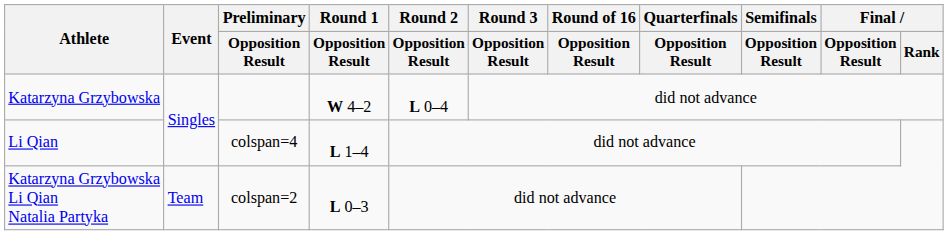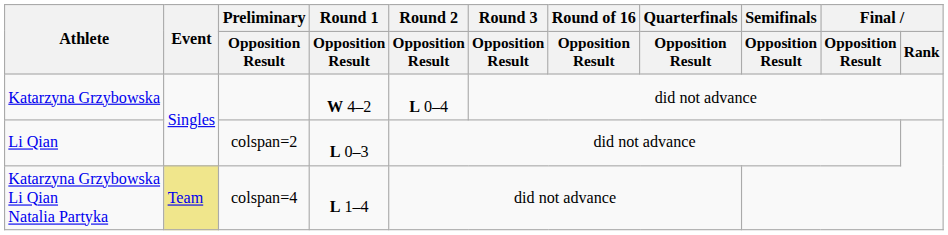 <table class="wikitable" style="font-size:90%;">
 <tr>
 <th rowspan=2>Athlete</th>
 <th rowspan=2>Event</th>
 <th>Preliminary</th>
 <th>Round 1</th>
 <th>Round 2</th>
 <th>Round 3</th>
 <th>Round of 16</th>
 <th>Quarterfinals</th>
 <th>Semifinals</th>
 <th colspan=2>Final / </th>
 </tr>
 <tr style="font-size:95%">
 <th>Opposition<br>Result</th>
 <th>Opposition<br>Result</th>
 <th>Opposition<br>Result</th>
 <th>Opposition<br>Result</th>
 <th>Opposition<br>Result</th>
 <th>Opposition<br>Result</th>
 <th>Opposition<br>Result</th>
 <th>Opposition<br>Result</th>
 <th>Rank</th>
 </tr>
 <tr align=center>
 <td align=left><a href='#'>Katarzyna Grzybowska</a></td>
 <td align=left rowspan=2><a href='#'>Singles</a></td>
 <td></td>
 <td><br> <strong>W</strong> 4–2</td>
 <td><br> <strong>L</strong> 0–4</td>
 <td colspan=6>did not advance</td>
 </tr>
 <tr align=center>
 <td align=left><a href='#'>Li Qian</a></td>
-<td>colspan=4 </td>
-<td><br><strong>L</strong> 1–4</td>
+<td>colspan=2 </td>
+<td><br><strong>L</strong> 0–3</td>
 <td colspan=6>did not advance</td>
 </tr>
 <tr align=center>
 <td align=left><a href='#'>Katarzyna Grzybowska</a><br><a href='#'>Li Qian</a><br><a href='#'>Natalia Partyka</a></td>
-<td align=left><a href='#'>Team</a></td>
-<td>colspan=2 </td>
-<td><br><strong>L</strong> 0–3</td>
+<td align=left style="background: khaki;"><a href='#'>Team</a></td>
+<td>colspan=4 </td>
+<td><br><strong>L</strong> 1–4</td>
 <td colspan=4>did not advance</td>
 </tr>
 </table>
